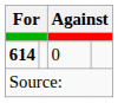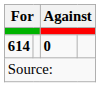 <table class=wikitable style=text-align:right->
 <tr>
 <th colspan=2>For</th>
 <th colspan=2>Against</th>
 </tr>
 <tr>
 <th colspan=2 style="background-color: #00b300"></th>
 <th colspan=2 style="background-color: #ff0000"></th>
 </tr>
 <tr>
 <td><strong>614</strong></td>
 <td><strong></strong></td>
-<td>0</td>
+<td><strong>0</strong></td>
 <td></td>
 </tr>
 <tr>
 <td style="text-align:left;" colspan=8>Source:</td>
 </tr>
 </table>
